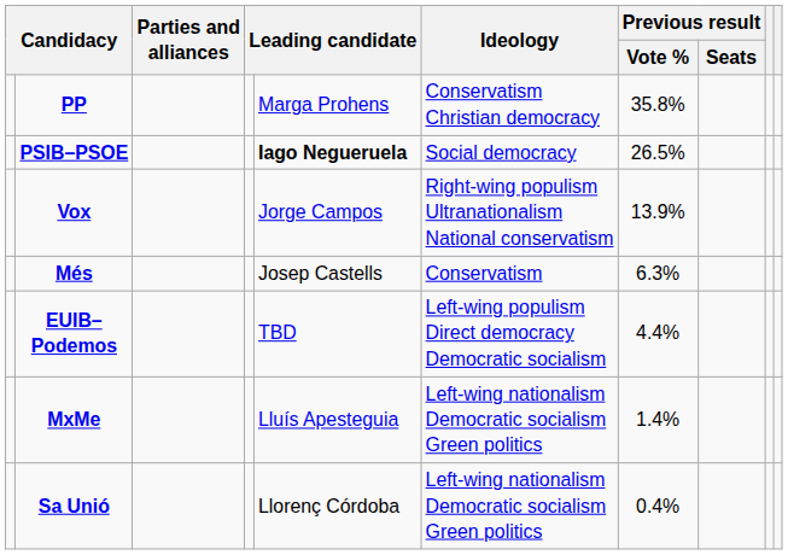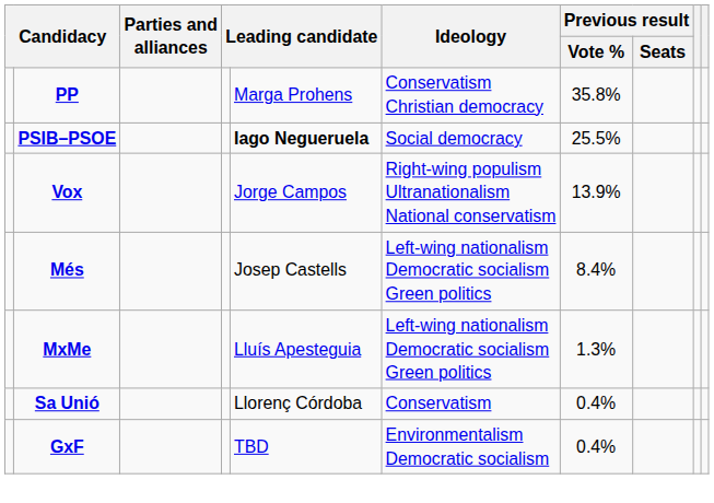 <table class="wikitable" style="line-height:1.35em; text-align:left;">
 <tr>
 <th colspan="2" rowspan="2">Candidacy</th>
 <th rowspan="2">Parties and<br>alliances</th>
 <th colspan="2" rowspan="2">Leading candidate</th>
 <th rowspan="2">Ideology</th>
 <th colspan="2">Previous result</th>
 <th rowspan="2"></th>
 <th rowspan="2"></th>
 </tr>
 <tr>
 <th>Vote %</th>
 <th>Seats</th>
 </tr>
 <tr>
 <td width="1" style="color:inherit;background:"></td>
 <td align="center"><strong><a href='#'>PP</a></strong></td>
 <td></td>
 <td></td>
 <td><a href='#'>Marga Prohens</a></td>
 <td><a href='#'>Conservatism</a><br><a href='#'>Christian democracy</a></td>
 <td align="center">35.8%</td>
 <td></td>
 <td></td>
 <td></td>
 </tr>
 <tr>
 <td style="color:inherit;background:"></td>
 <td align="center"><strong><a href='#'>PSIB–PSOE</a></strong></td>
 <td></td>
 <td></td>
 <td><strong>Iago Negueruela</strong></td>
 <td><a href='#'>Social democracy</a></td>
-<td align="center">26.5%</td>
+<td align="center">25.5%</td>
 <td></td>
 <td></td>
 <td><br></td>
 </tr>
 <tr>
 <td style="color:inherit;background:"></td>
 <td align="center"><strong><a href='#'>Vox</a></strong></td>
 <td></td>
 <td></td>
 <td><a href='#'>Jorge Campos</a></td>
 <td><a href='#'>Right-wing populism</a><br><a href='#'>Ultranationalism</a><br><a href='#'>National conservatism</a></td>
 <td align="center">13.9%</td>
 <td></td>
 <td></td>
 <td></td>
 </tr>
 <tr>
 <td style="color:inherit;background:"></td>
 <td align="center"><strong><a href='#'>Més</a></strong></td>
 <td></td>
 <td></td>
 <td>Josep Castells</td>
-<td><a href='#'>Conservatism</a></td>
-<td align="center">6.3%</td>
-<td></td>
-<td></td>
-<td></td>
-</tr>
-<tr>
-<td style="color:inherit;background:"></td>
-<td align="center"><strong><a href='#'>EUIB–<br>Podemos</a></strong></td>
-<td></td>
-<td></td>
-<td><a href='#'>TBD</a></td>
-<td><a href='#'>Left-wing populism</a><br><a href='#'>Direct democracy</a><br><a href='#'>Democratic socialism</a></td>
-<td align="center">4.4%</td>
+<td><a href='#'>Left-wing nationalism</a><br><a href='#'>Democratic socialism</a><br><a href='#'>Green politics</a></td>
+<td align="center">8.4%</td>
 <td></td>
 <td></td>
 <td></td>
 </tr>
 <tr>
 <td style="color:inherit;background:"></td>
 <td align="center"><strong><a href='#'>MxMe</a></strong></td>
 <td></td>
 <td></td>
 <td><a href='#'>Lluís Apesteguia</a></td>
 <td><a href='#'>Left-wing nationalism</a><br><a href='#'>Democratic socialism</a><br><a href='#'>Green politics</a></td>
-<td align="center">1.4%</td>
+<td align="center">1.3%</td>
 <td></td>
 <td></td>
 <td></td>
 </tr>
 <tr>
 <td style="color:inherit;background:"></td>
 <td align="center"><strong><a href='#'>Sa Unió</a></strong></td>
 <td></td>
 <td></td>
 <td>Llorenç Córdoba</td>
-<td><a href='#'>Left-wing nationalism</a><br><a href='#'>Democratic socialism</a><br><a href='#'>Green politics</a></td>
+<td><a href='#'>Conservatism</a></td>
+<td align="center">0.4%</td>
+<td></td>
+<td></td>
+<td></td>
+</tr>
+<tr>
+<td style="color:inherit;background:"></td>
+<td align="center"><strong><a href='#'>GxF</a></strong></td>
+<td></td>
+<td></td>
+<td><a href='#'>TBD</a></td>
+<td><a href='#'>Environmentalism</a><br><a href='#'>Democratic socialism</a></td>
 <td align="center">0.4%</td>
 <td></td>
 <td></td>
 <td></td>
 </tr>
 </table>
